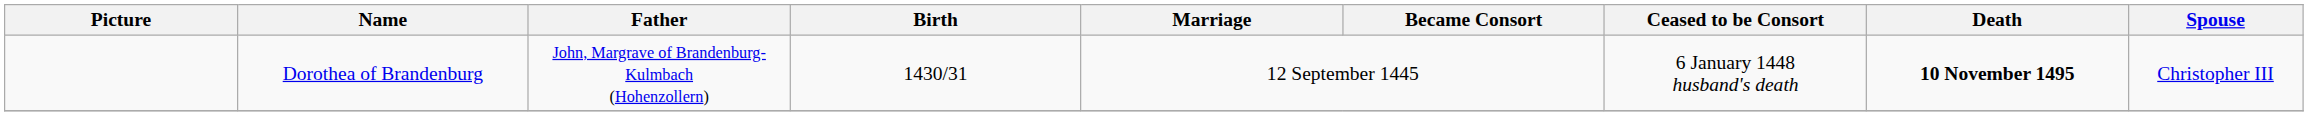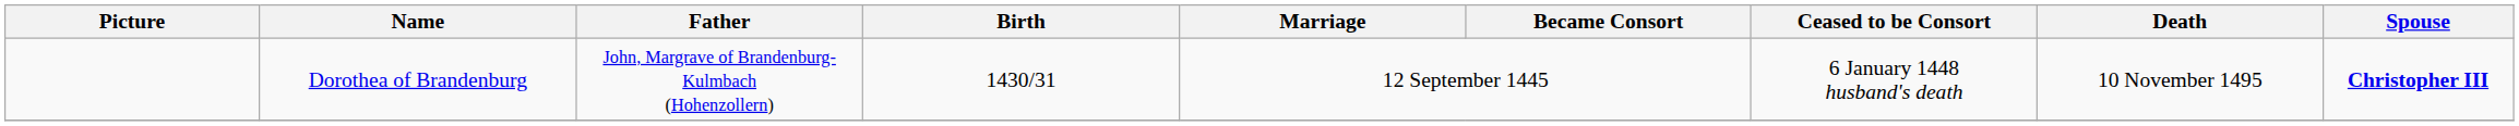 <table width=95% class="wikitable">
 <tr>
 <th width = "8%">Picture</th>
 <th width = "10%">Name</th>
 <th width = "9%">Father</th>
 <th width = "10%">Birth</th>
 <th width = "9%">Marriage</th>
 <th width = "9%">Became Consort</th>
 <th width = "9%">Ceased to be Consort</th>
 <th width = "9%">Death</th>
 <th width = "6%"><a href='#'>Spouse</a></th>
 </tr>
 <tr>
 <td align="center"></td>
 <td align="center"><a href='#'>Dorothea of Brandenburg</a><br></td>
 <td align="center"><small><a href='#'>John, Margrave of Brandenburg-Kulmbach</a><br>(<a href='#'>Hohenzollern</a>)</small></td>
 <td align="center">1430/31</td>
 <td align="center" colspan="2">12 September 1445</td>
 <td align="center">6 January 1448<br><em>husband's death</em></td>
-<td align="center"><strong>10 November 1495</strong></td>
-<td align="center"><a href='#'>Christopher III</a></td>
+<td align="center">10 November 1495</td>
+<td align="center"><strong><a href='#'>Christopher III</a></strong></td>
 </tr>
 <tr>
 </tr>
 </table>
